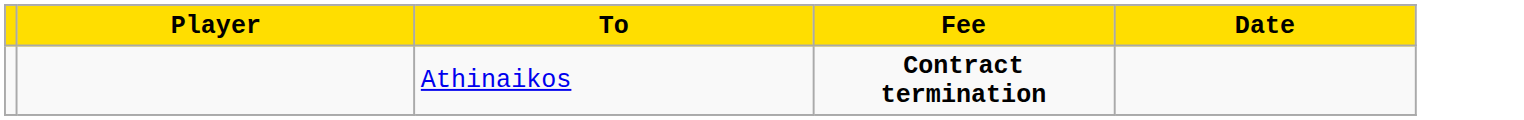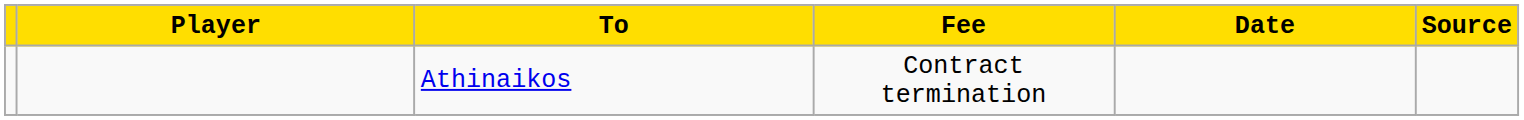 <table class="wikitable sortable">
 <tr>
 <th style="background:#FFDE00"></th>
 <th width=200 style="background:#FFDE00">Player</th>
 <th width=200 style="background:#FFDE00">To</th>
 <th width=150 style="background:#FFDE00">Fee</th>
 <th width=150 style="background:#FFDE00">Date</th>
+<th style="background:#FFDE00">Source</th>
 </tr>
 <tr>
 <td align=center></td>
 <td></td>
 <td> <a href='#'>Athinaikos</a></td>
-<td align=center><strong>Contract termination</strong></td>
+<td align=center>Contract termination</td>
+<td align=center></td>
 <td align=center></td>
 </tr>
 </table>
